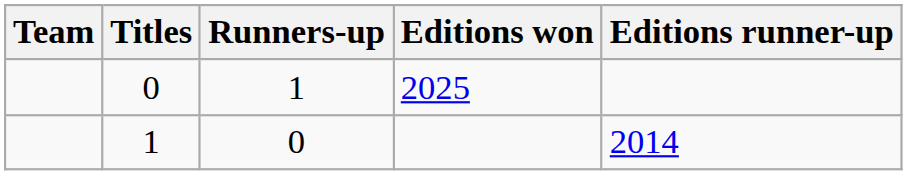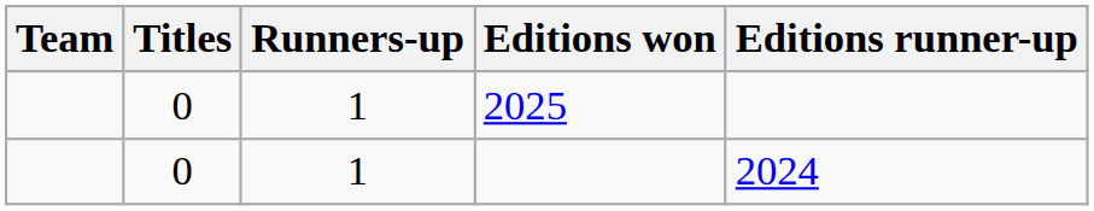 <table class="wikitable sortable">
 <tr>
 <th>Team</th>
 <th>Titles</th>
 <th>Runners-up</th>
 <th>Editions won</th>
 <th>Editions runner-up</th>
 </tr>
 <tr>
 <td></td>
 <td align=center>0</td>
 <td align=center>1</td>
 <td><a href='#'>2025</a></td>
 <td></td>
 </tr>
 <tr>
 <td></td>
+<td align=center>0</td>
 <td align=center>1</td>
-<td align=center>0</td>
 <td></td>
-<td><a href='#'>2014</a></td>
+<td><a href='#'>2024</a></td>
 </tr>
 </table>
